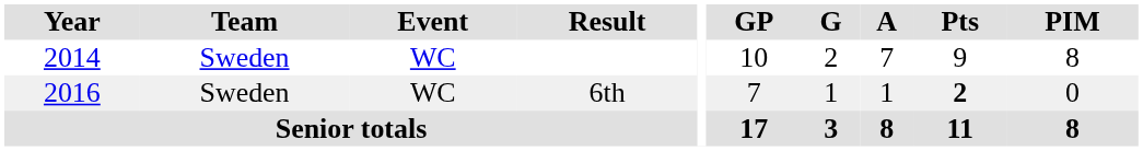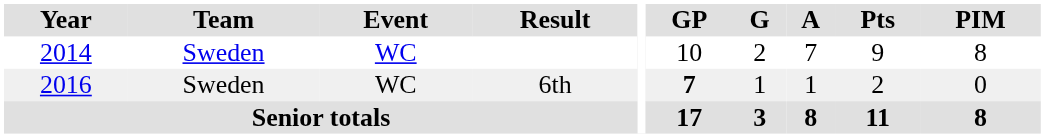 <table border="0" cellpadding="1" cellspacing="0" ID="Table3" style="text-align:center; width:40em">
 <tr ALIGN="center" bgcolor="#e0e0e0">
 <th>Year</th>
 <th>Team</th>
 <th>Event</th>
 <th>Result</th>
 <th rowspan="99" bgcolor="#ffffff"></th>
 <th>GP</th>
 <th>G</th>
 <th>A</th>
 <th>Pts</th>
 <th>PIM</th>
 </tr>
 <tr>
 <td><a href='#'>2014</a></td>
 <td><a href='#'>Sweden</a></td>
 <td><a href='#'>WC</a></td>
 <td></td>
 <td>10</td>
 <td>2</td>
 <td>7</td>
 <td>9</td>
 <td>8</td>
 </tr>
 <tr bgcolor="#f0f0f0">
 <td><a href='#'>2016</a></td>
 <td>Sweden</td>
 <td>WC</td>
 <td>6th</td>
-<td>7</td>
+<td><strong>7</strong></td>
 <td>1</td>
 <td>1</td>
-<td><strong>2</strong></td>
+<td>2</td>
 <td>0</td>
 </tr>
 <tr ALIGN="center" bgcolor="#e0e0e0">
 <th colspan=4>Senior totals</th>
 <th>17</th>
 <th>3</th>
 <th>8</th>
 <th>11</th>
 <th>8</th>
 </tr>
 </table>
